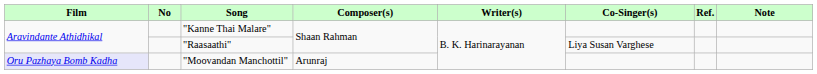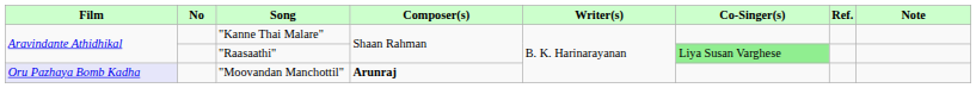 <table class="wikitable plainrowheaders" style="width:100%;" textcolor:#000;" style="align:center;">
 <tr style="background:#cfc; text-align:center;">
 <td scope="col" style="width:18%;"><strong>Film</strong></td>
 <td scope="col" style="width:4%;"><strong>No</strong></td>
 <td scope="col" style="width:14%;"><strong>Song</strong></td>
 <td scope="col" style="width:18%;"><strong>Composer(s)</strong></td>
 <td scope="col" style="width:16%;"><strong>Writer(s)</strong></td>
 <td scope="col" style="width:16%;"><strong>Co-Singer(s)</strong></td>
 <td scope="col" style="width:2%;"><strong>Ref.</strong></td>
 <td scope="col" style="width:12%;"><strong>Note</strong></td>
 </tr>
 <tr>
 <td rowspan="2"><em><a href='#'>Aravindante Athidhikal</a></em></td>
 <td></td>
 <td>"Kanne Thai Malare"</td>
 <td rowspan="2">Shaan Rahman</td>
 <td rowspan="3">B. K. Harinarayanan</td>
 <td></td>
 <td></td>
 </tr>
 <tr>
 <td></td>
 <td>"Raasaathi"</td>
-<td>Liya Susan Varghese</td>
+<td style="background: lightgreen;">Liya Susan Varghese</td>
 <td></td>
 <td></td>
 </tr>
 <tr>
 <td style="background: lavender;"><em><a href='#'>Oru Pazhaya Bomb Kadha</a></em></td>
 <td></td>
 <td>"Moovandan Manchottil"</td>
-<td>Arunraj</td>
+<td><strong>Arunraj</strong></td>
 <td></td>
 <td></td>
 <td></td>
 </tr>
 </table>
